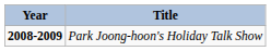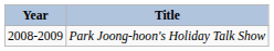 <table class="wikitable" style="font-size:95%;">
 <tr>
 <th style="background:#B0C4DE;">Year</th>
 <th style="background:#B0C4DE;">Title</th>
 </tr>
 <tr>
-<td><strong>2008-2009</strong></td>
+<td>2008-2009</td>
 <td><em>Park Joong-hoon's Holiday Talk Show</em></td>
 </tr>
 </table>
